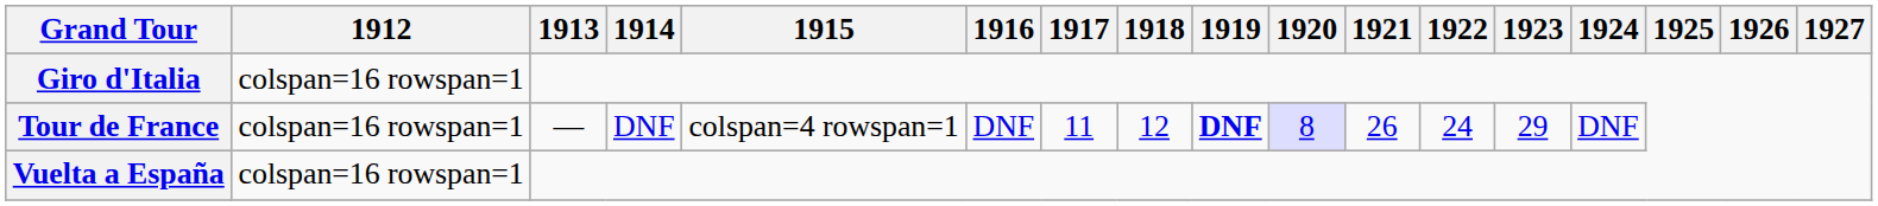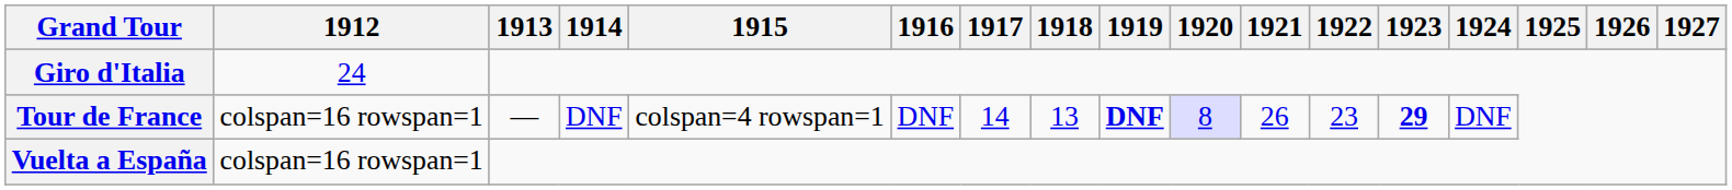 <table class="wikitable plainrowheaders">
 <tr>
 <th scope="col"><a href='#'>Grand Tour</a></th>
 <th scope="col">1912</th>
 <th scope="col">1913</th>
 <th scope="col">1914</th>
 <th scope="col">1915</th>
 <th scope="col">1916</th>
 <th scope="col">1917</th>
 <th scope="col">1918</th>
 <th scope="col">1919</th>
 <th scope="col">1920</th>
 <th scope="col">1921</th>
 <th scope="col">1922</th>
 <th scope="col">1923</th>
 <th scope="col">1924</th>
 <th scope="col">1925</th>
 <th scope="col">1926</th>
 <th scope="col">1927</th>
 </tr>
 <tr style="text-align:center;">
 <th scope="row"> <a href='#'>Giro d'Italia</a></th>
-<td>colspan=16 rowspan=1 </td>
+<td style="text-align:center;"><a href='#'>24</a></td>
 </tr>
 <tr style="text-align:center;">
 <th scope="row"> <a href='#'>Tour de France</a></th>
 <td>colspan=16 rowspan=1 </td>
 <td>—</td>
 <td style="text-align:center;"><a href='#'>DNF</a></td>
 <td>colspan=4 rowspan=1 </td>
 <td style="text-align:center;"><a href='#'>DNF</a></td>
-<td style="text-align:center;"><a href='#'>11</a></td>
-<td style="text-align:center;"><a href='#'>12</a></td>
+<td style="text-align:center;"><a href='#'>14</a></td>
+<td style="text-align:center;"><a href='#'>13</a></td>
 <td style="text-align:center;"><strong><a href='#'>DNF</a></strong></td>
 <td style="background:#ddf;"><a href='#'>8</a></td>
 <td style="text-align:center;"><a href='#'>26</a></td>
-<td style="text-align:center;"><a href='#'>24</a></td>
-<td style="text-align:center;"><a href='#'>29</a></td>
+<td style="text-align:center;"><a href='#'>23</a></td>
+<td style="text-align:center;"><strong><a href='#'>29</a></strong></td>
 <td style="text-align:center;"><a href='#'>DNF</a></td>
 </tr>
 <tr style="text-align:center;">
 <th scope="row"> <a href='#'>Vuelta a España</a></th>
 <td>colspan=16 rowspan=1 </td>
 </tr>
 </table>
